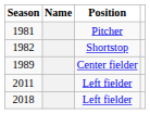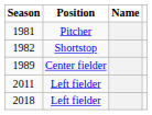 <table class="wikitable sortable plainrowheaders" style="text-align:center">
 <tr>
 <th scope="col" style="background-color:#ffffff; border-top:#">Season</th>
+<th scope="col" style="background-color:#ffffff; border-top:#">Position</th>
 <th scope="col" style="background-color:#ffffff; border-top:#">Name</th>
-<th scope="col" style="background-color:#ffffff; border-top:#">Position</th>
 <th scope="col" class="unsortable" style="background-color:#ffffff; border-top:#"></th>
 </tr>
 <tr>
 <td>1981</td>
+<td><a href='#'>Pitcher</a></td>
 <th scope="row" style="text-align:center"></th>
-<td><a href='#'>Pitcher</a></td>
 <td></td>
 </tr>
 <tr>
 <td>1982</td>
+<td><a href='#'>Shortstop</a></td>
 <th scope="row" style="text-align:center"> </th>
-<td><a href='#'>Shortstop</a></td>
 <td></td>
 </tr>
 <tr>
 <td>1989</td>
+<td><a href='#'>Center fielder</a></td>
 <th scope="row" style="text-align:center"> </th>
-<td><a href='#'>Center fielder</a></td>
 <td></td>
 </tr>
 <tr>
 <td>2011</td>
+<td><a href='#'>Left fielder</a></td>
 <th scope="row" style="text-align:center"></th>
-<td><a href='#'>Left fielder</a></td>
 <td></td>
 </tr>
 <tr>
 <td>2018</td>
+<td><a href='#'>Left fielder</a></td>
 <th scope="row" style="text-align:center"></th>
-<td><a href='#'>Left fielder</a></td>
 <td></td>
 </tr>
 </table>
